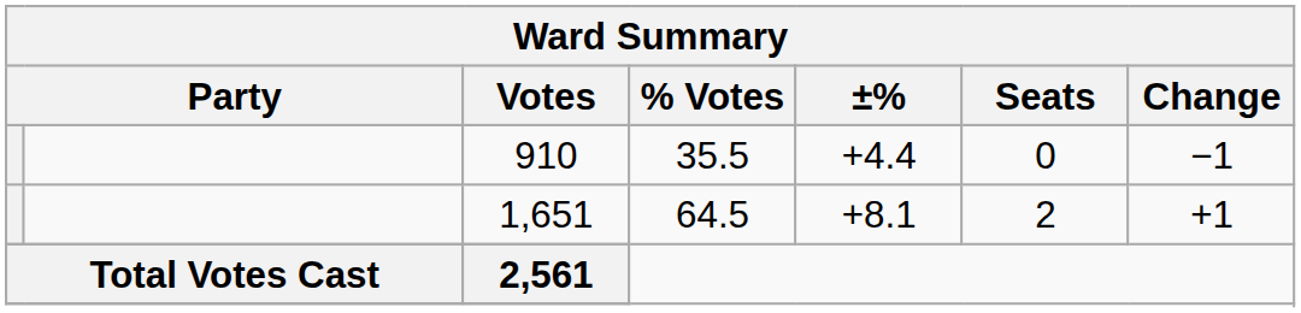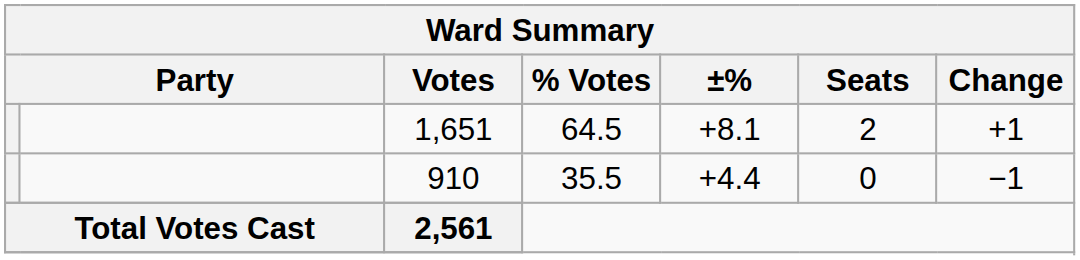 <table class="wikitable" style="font-size: 95%;">
 <tr style="background-color:#E9E9E9">
 <th colspan="7">Ward Summary</th>
 </tr>
 <tr style="background-color:#E9E9E9">
 <th colspan="2">Party</th>
 <th style="width: 60px">Votes</th>
 <th style="width: 60px">% Votes</th>
 <th style="width: 60px">±%</th>
 <th style="width: 60px">Seats</th>
 <th style="width: 60px">Change</th>
 </tr>
 <tr>
 <th style="background-color: "></th>
 <td style="width: 170px"><a href='#'></a></td>
+<td align="center">1,651</td>
+<td align="center">64.5</td>
+<td align="center">+8.1</td>
+<td align="center">2</td>
+<td align="center">+1</td>
+</tr>
+<tr>
+<th style="background-color: "></th>
+<td style="width: 170px"><a href='#'></a></td>
 <td align="center">910</td>
 <td align="center">35.5</td>
 <td align="center">+4.4</td>
 <td align="center">0</td>
 <td align="center">−1</td>
-</tr>
-<tr>
-<th style="background-color: "></th>
-<td style="width: 170px"><a href='#'></a></td>
-<td align="center">1,651</td>
-<td align="center">64.5</td>
-<td align="center">+8.1</td>
-<td align="center">2</td>
-<td align="center">+1</td>
 </tr>
 <tr>
 </tr>
 <tr style="background-color:#E9E9E9">
 <th colspan="2">Total Votes Cast</th>
 <th style="width: 60px">2,561</th>
 </tr>
 <tr style="background-color:#E9E9E9">
 </tr>
 </table>
